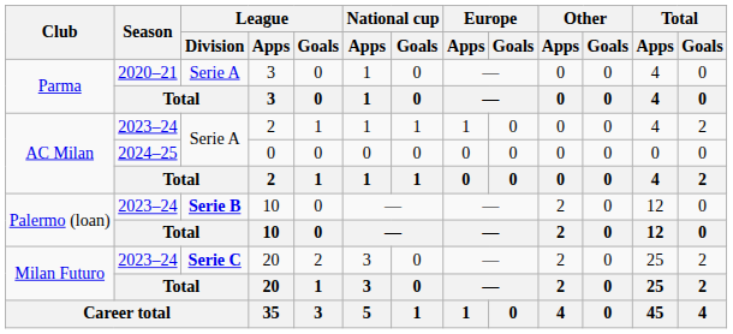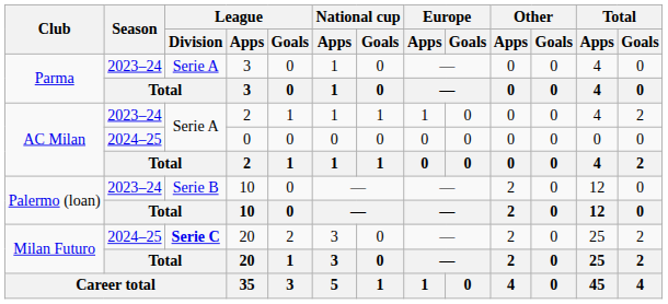 <table class="wikitable" style="text-align:center">
 <tr>
 <th rowspan="2">Club</th>
 <th rowspan="2">Season</th>
 <th colspan="3">League</th>
 <th colspan="2">National cup</th>
 <th colspan="2">Europe</th>
 <th colspan="2">Other</th>
 <th colspan="2">Total</th>
 </tr>
 <tr>
 <th>Division</th>
 <th>Apps</th>
 <th>Goals</th>
 <th>Apps</th>
 <th>Goals</th>
 <th>Apps</th>
 <th>Goals</th>
 <th>Apps</th>
 <th>Goals</th>
 <th>Apps</th>
 <th>Goals</th>
 </tr>
 <tr>
 <td rowspan="2"><a href='#'>Parma</a></td>
-<td><a href='#'>2020–21</a></td>
+<td><a href='#'>2023–24</a></td>
 <td><a href='#'>Serie A</a></td>
 <td>3</td>
 <td>0</td>
 <td>1</td>
 <td>0</td>
 <td colspan="2">—</td>
 <td>0</td>
 <td>0</td>
 <td>4</td>
 <td>0</td>
 </tr>
 <tr>
 <th colspan=2>Total</th>
 <th>3</th>
 <th>0</th>
 <th>1</th>
 <th>0</th>
 <th colspan="2">—</th>
 <th>0</th>
 <th>0</th>
 <th>4</th>
 <th>0</th>
 </tr>
 <tr>
 <td rowspan="3"><a href='#'>AC Milan</a></td>
 <td><a href='#'>2023–24</a></td>
 <td rowspan="2">Serie A</td>
 <td>2</td>
 <td>1</td>
 <td>1</td>
 <td>1</td>
 <td>1</td>
 <td>0</td>
 <td>0</td>
 <td>0</td>
 <td>4</td>
 <td>2</td>
 </tr>
 <tr>
 <td><a href='#'>2024–25</a></td>
 <td>0</td>
 <td>0</td>
 <td>0</td>
 <td>0</td>
 <td>0</td>
 <td>0</td>
 <td>0</td>
 <td>0</td>
 <td>0</td>
 <td>0</td>
 </tr>
 <tr>
 <th colspan=2>Total</th>
 <th>2</th>
 <th>1</th>
 <th>1</th>
 <th>1</th>
 <th>0</th>
 <th>0</th>
 <th>0</th>
 <th>0</th>
 <th>4</th>
 <th>2</th>
 </tr>
 <tr>
 <td rowspan="2"><a href='#'>Palermo</a> (loan)</td>
 <td><a href='#'>2023–24</a></td>
-<td><strong><a href='#'>Serie B</a></strong></td>
+<td><a href='#'>Serie B</a></td>
 <td>10</td>
 <td>0</td>
 <td colspan="2">—</td>
 <td colspan="2">—</td>
 <td>2</td>
 <td>0</td>
 <td>12</td>
 <td>0</td>
 </tr>
 <tr>
 <th colspan=2>Total</th>
 <th>10</th>
 <th>0</th>
 <th colspan="2">—</th>
 <th colspan="2">—</th>
 <th>2</th>
 <th>0</th>
 <th>12</th>
 <th>0</th>
 </tr>
 <tr>
 <td rowspan="2"><a href='#'>Milan Futuro</a></td>
-<td><a href='#'>2023–24</a></td>
+<td><a href='#'>2024–25</a></td>
 <td><strong><a href='#'>Serie C</a></strong></td>
 <td>20</td>
 <td>2</td>
 <td>3</td>
 <td>0</td>
 <td colspan="2">—</td>
 <td>2</td>
 <td>0</td>
 <td>25</td>
 <td>2</td>
 </tr>
 <tr>
 <th colspan=2>Total</th>
 <th>20</th>
 <th>1</th>
 <th>3</th>
 <th>0</th>
 <th colspan="2">—</th>
 <th>2</th>
 <th>0</th>
 <th>25</th>
 <th>2</th>
 </tr>
 <tr>
 <th colspan="3">Career total</th>
 <th>35</th>
 <th>3</th>
 <th>5</th>
 <th>1</th>
 <th>1</th>
 <th>0</th>
 <th>4</th>
 <th>0</th>
 <th>45</th>
 <th>4</th>
 </tr>
 </table>
